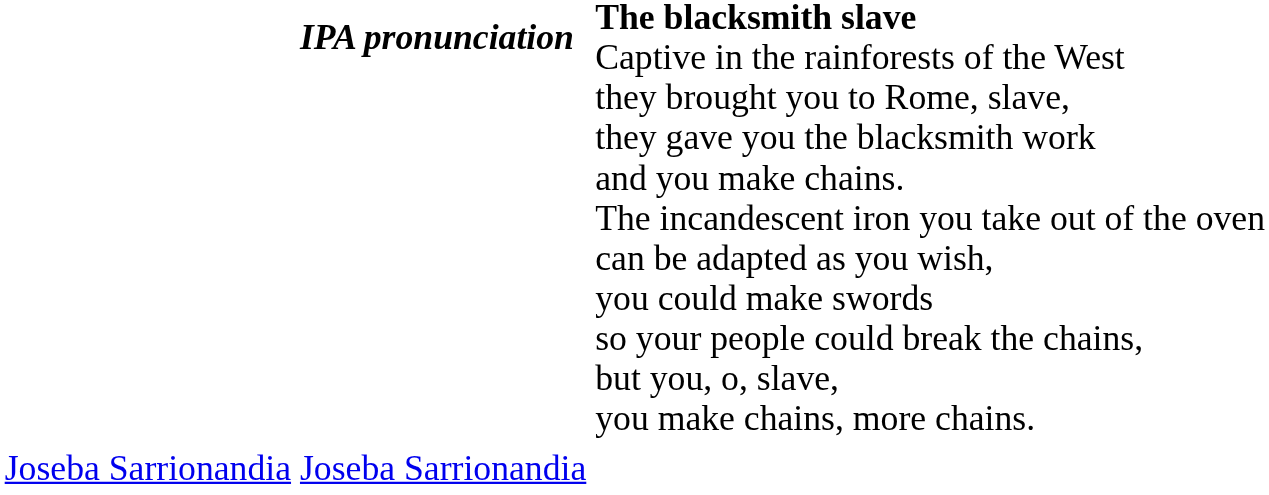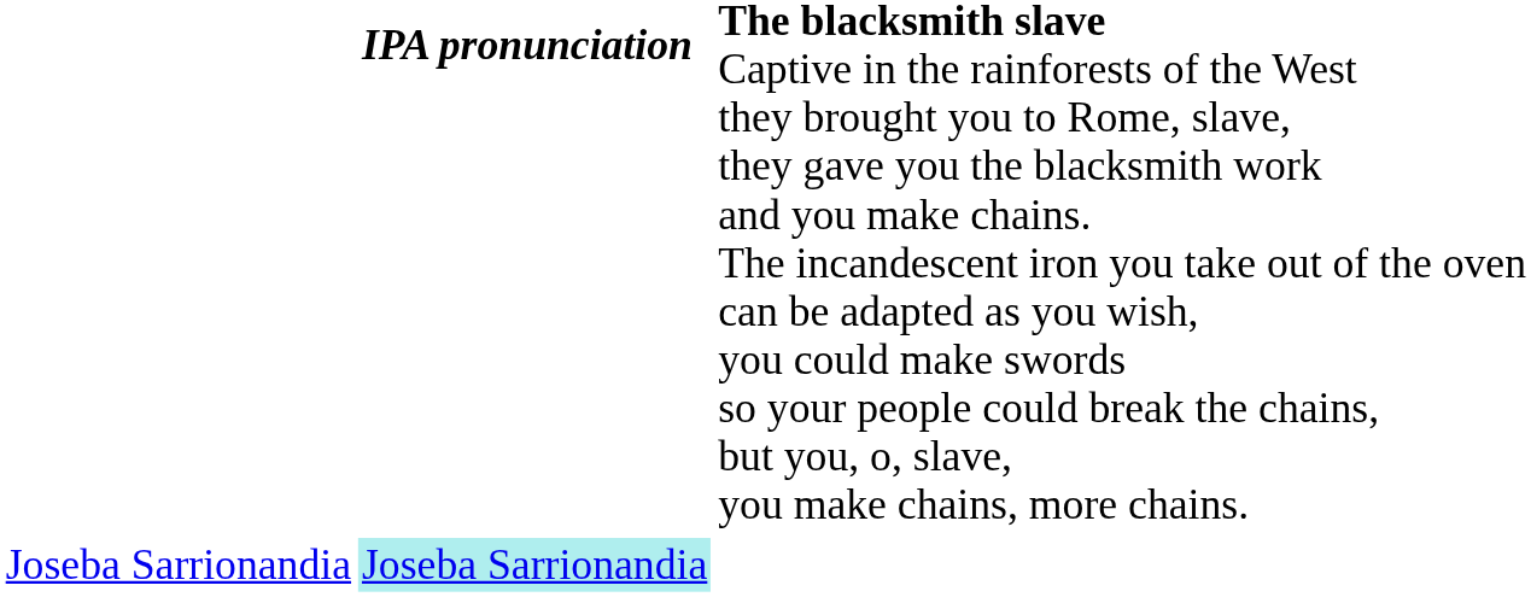 <table>
 <tr>
 <td><br><strong></strong> <br> <br> <br> <br> <br> <br> <br> <br> <br> <br></td>
 <td><br><strong><em>IPA pronunciation</em></strong> <br> <br> <br> <br> <br> <br> <br> <br> <br> <br></td>
 <td><br><strong>The blacksmith slave</strong> <br>Captive in the rainforests of the West <br>they brought you to Rome, slave, <br>they gave you the blacksmith work <br>and you make chains. <br>The incandescent iron you take out of the oven <br>can be adapted as you wish, <br>you could make swords <br>so your people could break the chains, <br>but you, o, slave, <br>you make chains, more chains.</td>
 </tr>
 <tr>
 <td align=right><a href='#'>Joseba Sarrionandia</a></td>
-<td align=right><a href='#'>Joseba Sarrionandia</a></td>
+<td align=right style="background: paleturquoise;"><a href='#'>Joseba Sarrionandia</a></td>
 </tr>
 </table>
